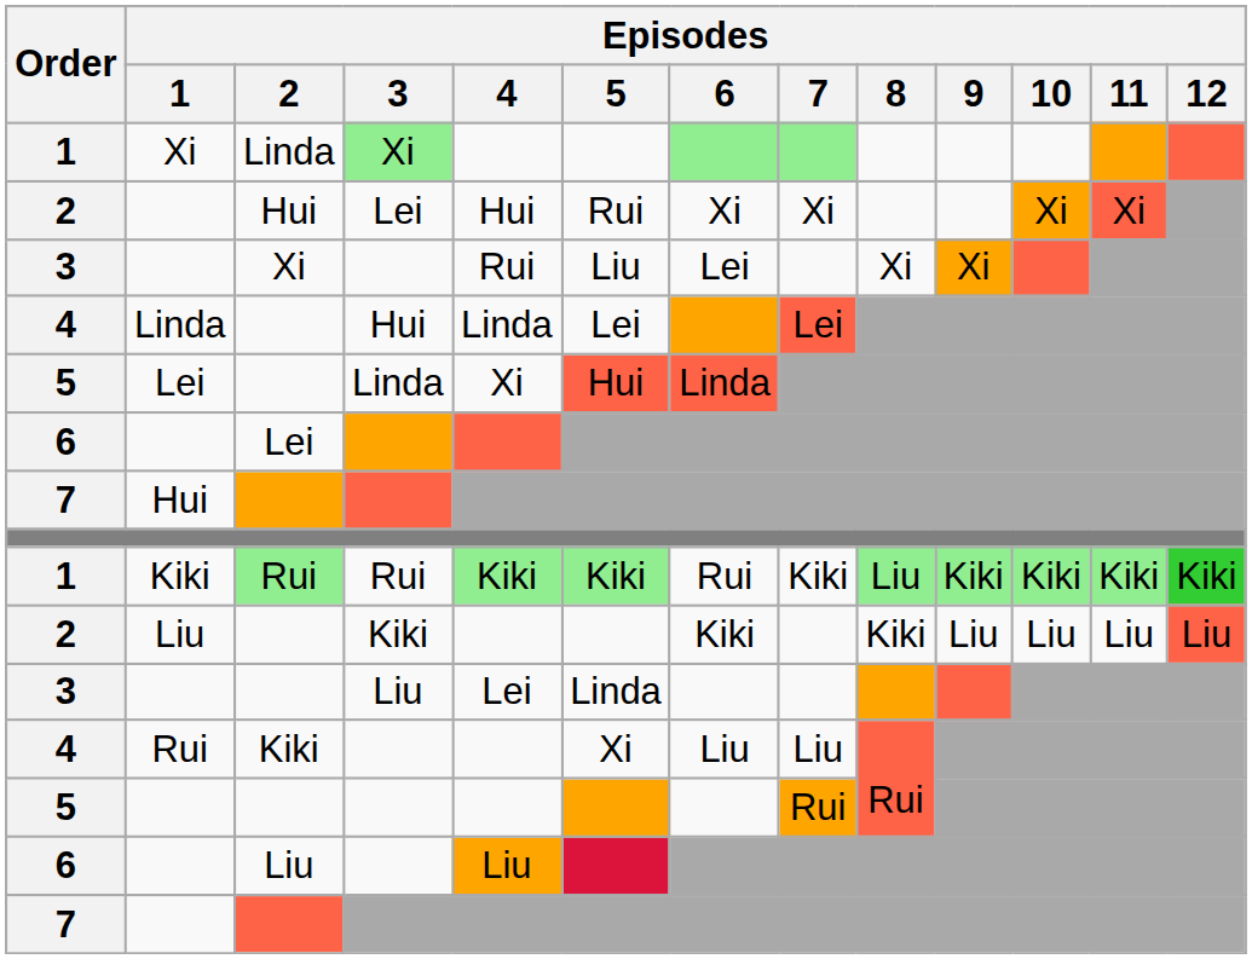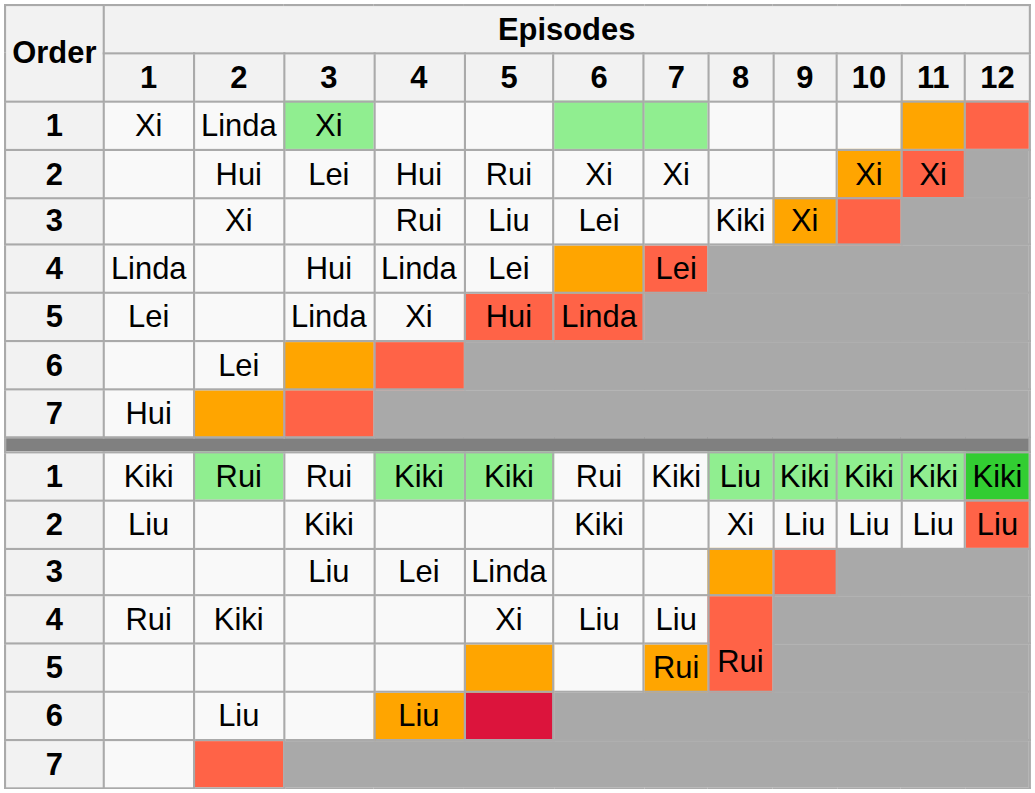 <table class="wikitable" style="text-align:center; font-size:92%">
 <tr>
 <th rowspan=2>Order</th>
 <th colspan=15>Episodes</th>
 </tr>
 <tr>
 <th>1</th>
 <th>2</th>
 <th>3</th>
 <th>4</th>
 <th>5</th>
 <th>6</th>
 <th>7</th>
 <th>8</th>
 <th>9</th>
 <th>10</th>
 <th>11</th>
 <th>12</th>
 </tr>
 <tr>
 <th>1</th>
 <td><span>Xi</span></td>
 <td>Linda</td>
 <td style="background:lightgreen;">Xi</td>
 <td></td>
 <td></td>
 <td style="background:lightgreen;"></td>
 <td style="background:lightgreen;"></td>
 <td></td>
 <td></td>
 <td></td>
 <td style="background:orange;"></td>
 <td style="background:tomato;"></td>
 </tr>
 <tr>
 <th>2</th>
 <td><span></span></td>
 <td>Hui</td>
 <td>Lei</td>
 <td>Hui</td>
 <td>Rui</td>
 <td>Xi</td>
 <td>Xi</td>
 <td></td>
 <td></td>
 <td style="background:orange;">Xi</td>
 <td style="background:tomato;">Xi</td>
 <td style="background:darkgray" colspan="12"></td>
 </tr>
 <tr>
 <th>3</th>
 <td><span></span></td>
 <td>Xi</td>
 <td></td>
 <td>Rui</td>
 <td>Liu</td>
 <td>Lei</td>
 <td></td>
-<td>Xi</td>
+<td>Kiki</td>
 <td style="background:orange;">Xi</td>
 <td style="background:tomato;"></td>
 <td style="background:darkgray" colspan="12"></td>
 </tr>
 <tr>
 <th>4</th>
 <td><span>Linda</span></td>
 <td></td>
 <td>Hui</td>
 <td>Linda</td>
 <td>Lei</td>
 <td style="background:orange;"></td>
 <td style="background:tomato;">Lei</td>
 <td style="background:darkgray" colspan="12"></td>
 </tr>
 <tr>
 <th>5</th>
 <td><span>Lei</span></td>
 <td></td>
 <td>Linda</td>
 <td>Xi</td>
 <td style="background:tomato;">Hui</td>
 <td style="background:tomato;">Linda</td>
 <td style="background:darkgray" colspan="12"></td>
 </tr>
 <tr>
 <th>6</th>
 <td><span></span></td>
 <td>Lei</td>
 <td style="background:orange;"></td>
 <td style="background:tomato;"></td>
 <td style="background:darkgray" colspan="12"></td>
 </tr>
 <tr>
 <th>7</th>
 <td><span>Hui</span></td>
 <td style="background:orange;"></td>
 <td style="background:tomato;"></td>
 <td style="background:darkgray" colspan="12"></td>
 </tr>
 <tr>
 <th style="background:gray" colspan="14"></th>
 </tr>
 <tr>
 <th>1</th>
 <td><span>Kiki</span></td>
 <td style="background:lightgreen;">Rui</td>
 <td>Rui</td>
 <td style="background:lightgreen;">Kiki</td>
 <td style="background:lightgreen;">Kiki</td>
 <td>Rui</td>
 <td>Kiki</td>
 <td style="background:lightgreen;">Liu</td>
 <td style="background:lightgreen;">Kiki</td>
 <td style="background:lightgreen;">Kiki</td>
 <td style="background:lightgreen;">Kiki</td>
 <td style="background:limegreen;">Kiki</td>
 </tr>
 <tr>
 <th>2</th>
 <td><span>Liu</span></td>
 <td></td>
 <td>Kiki</td>
 <td></td>
 <td></td>
 <td>Kiki</td>
 <td></td>
-<td>Kiki</td>
+<td>Xi</td>
 <td>Liu</td>
 <td>Liu</td>
 <td>Liu</td>
 <td style="background:tomato;">Liu</td>
 </tr>
 <tr>
 <th>3</th>
 <td><span></span></td>
 <td></td>
 <td>Liu</td>
 <td>Lei</td>
 <td>Linda</td>
 <td></td>
 <td></td>
 <td style="background:orange;"></td>
 <td style="background:tomato;"></td>
 <td style="background:darkgray" colspan="12"></td>
 </tr>
 <tr>
 <th>4</th>
 <td><span>Rui</span></td>
 <td>Kiki</td>
 <td></td>
 <td></td>
 <td>Xi</td>
 <td>Liu</td>
 <td>Liu</td>
 <td rowspan="2" style="background:tomato;"><br>Rui</td>
 <td style="background:darkgray" colspan="12"></td>
 </tr>
 <tr>
 <th>5</th>
 <td><span></span></td>
 <td></td>
 <td></td>
 <td></td>
 <td style="background:orange;"></td>
 <td></td>
 <td style="background:orange;">Rui</td>
 <td style="background:darkgray" colspan="12"></td>
 </tr>
 <tr>
 <th>6</th>
 <td><span></span></td>
 <td>Liu</td>
 <td></td>
 <td style="background:orange;">Liu</td>
 <td style="background:crimson;"><span></span></td>
 <td style="background:darkgray" colspan="12"></td>
 </tr>
 <tr>
 <th>7</th>
 <td><span></span></td>
 <td style="background:tomato;"></td>
 <td style="background:darkgray" colspan="12"></td>
 </tr>
 </table>
